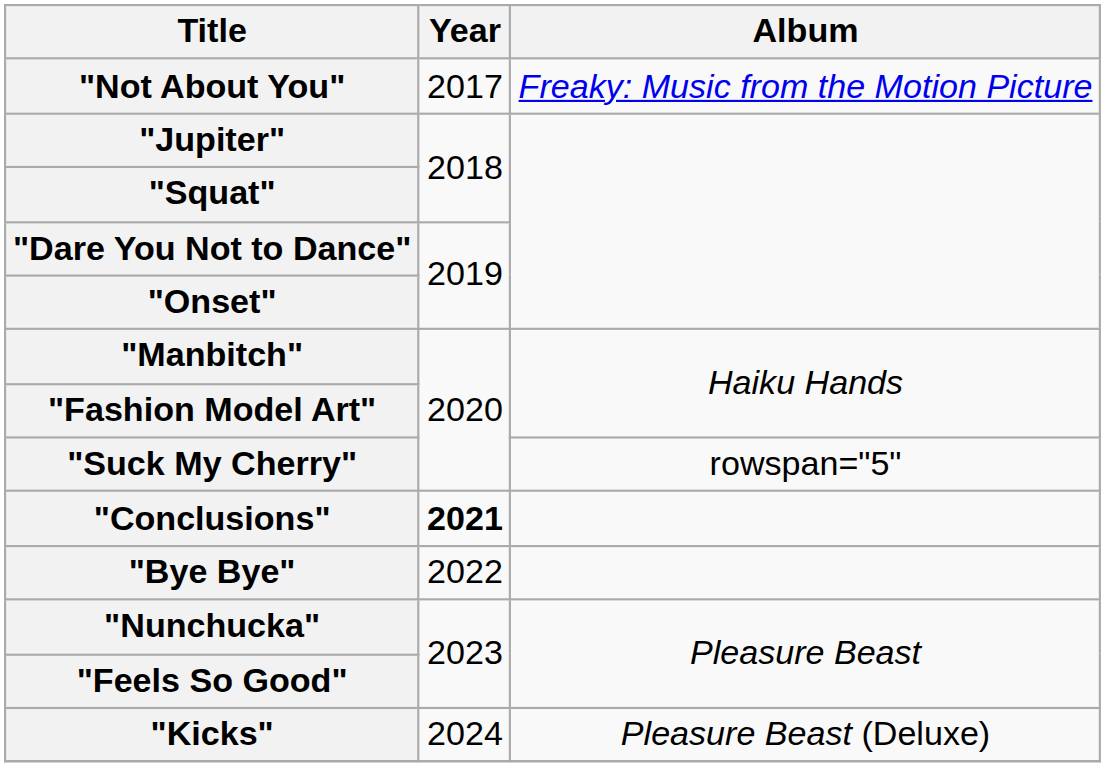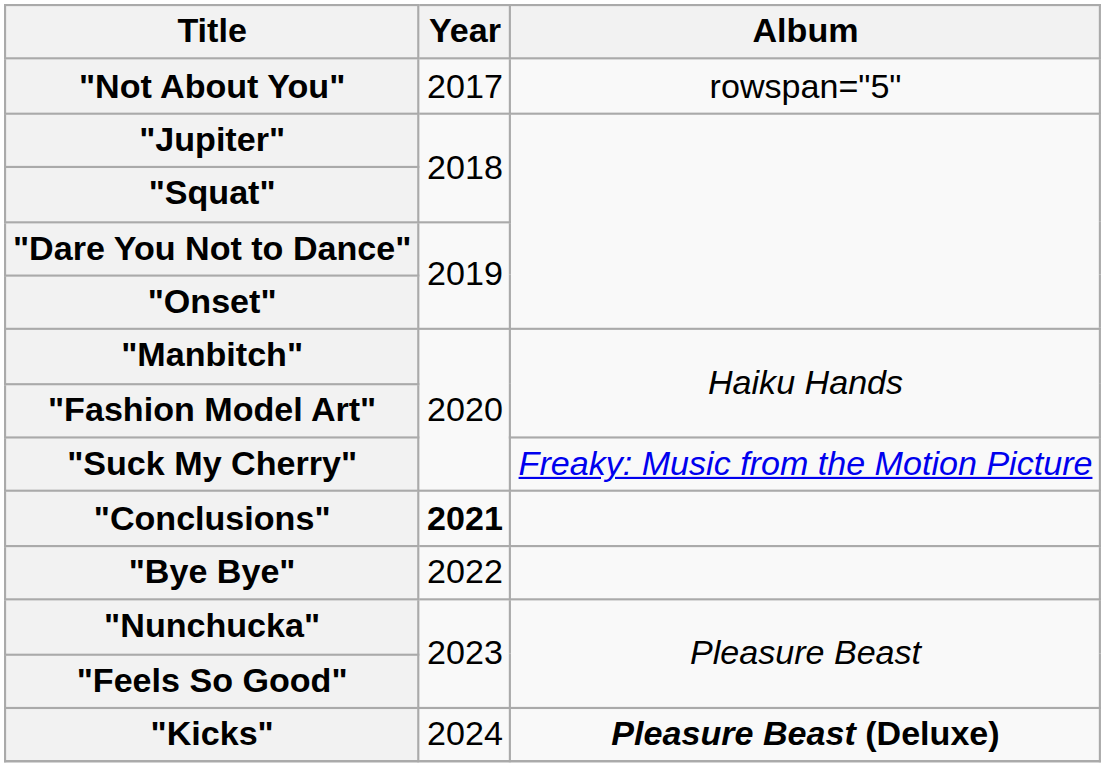 <table class="wikitable plainrowheaders" style="text-align:center;">
 <tr>
 <th>Title</th>
 <th>Year</th>
 <th>Album</th>
 </tr>
 <tr>
 <th scope="row">"Not About You"</th>
 <td>2017</td>
-<td><em><a href='#'>Freaky: Music from the Motion Picture</a></em></td>
+<td>rowspan="5" </td>
 </tr>
 <tr>
 <th scope="row">"Jupiter"</th>
 <td rowspan="2">2018</td>
 </tr>
 <tr>
 <th scope="row">"Squat"<br></th>
 </tr>
 <tr>
 <th scope="row">"Dare You Not to Dance"</th>
 <td rowspan="2">2019</td>
 </tr>
 <tr>
 <th scope="row">"Onset"<br></th>
 </tr>
 <tr>
 <th scope="row">"Manbitch"</th>
 <td rowspan="3">2020</td>
 <td rowspan="2"><em>Haiku Hands</em></td>
 </tr>
 <tr>
 <th scope="row">"Fashion Model Art"<br></th>
 </tr>
 <tr>
 <th scope="row">"Suck My Cherry"</th>
-<td>rowspan="5" </td>
+<td><em><a href='#'>Freaky: Music from the Motion Picture</a></em></td>
 </tr>
 <tr>
 <th scope="row">"Conclusions"</th>
 <td><strong>2021</strong></td>
 <td></td>
 </tr>
 <tr>
 <th scope="row">"Bye Bye"</th>
 <td>2022</td>
 <td></td>
 </tr>
 <tr>
 <th scope="row">"Nunchucka"</th>
 <td rowspan="2">2023</td>
 <td rowspan="2"><em>Pleasure Beast</em></td>
 </tr>
 <tr>
 <th scope="row">"Feels So Good"</th>
 </tr>
 <tr>
 <th scope="row">"Kicks"</th>
 <td>2024</td>
-<td><em>Pleasure Beast</em> (Deluxe)</td>
+<td><strong><em>Pleasure Beast</em> (Deluxe)</strong></td>
 </tr>
 <tr>
 </tr>
 </table>
